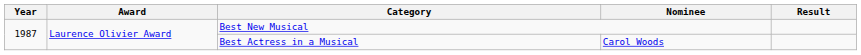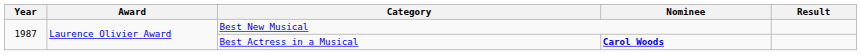 <table class="wikitable" style="width:95%;">
 <tr>
 <th style="width:5%;">Year</th>
 <th style="width:20%;">Award</th>
 <th style="width:45%;">Category</th>
 <th style="width:20%;">Nominee</th>
 <th style="width:10%;">Result</th>
 </tr>
 <tr>
 <td rowspan="2" style="text-align:center;">1987</td>
 <td rowspan="2"><a href='#'>Laurence Olivier Award</a></td>
 <td colspan="2"><a href='#'>Best New Musical</a></td>
 <td></td>
 </tr>
 <tr>
 <td><a href='#'>Best Actress in a Musical</a></td>
-<td><a href='#'>Carol Woods</a></td>
+<td><strong><a href='#'>Carol Woods</a></strong></td>
 <td></td>
 </tr>
 </table>
